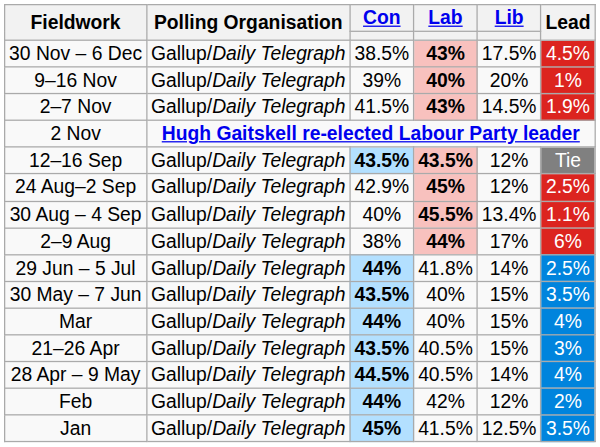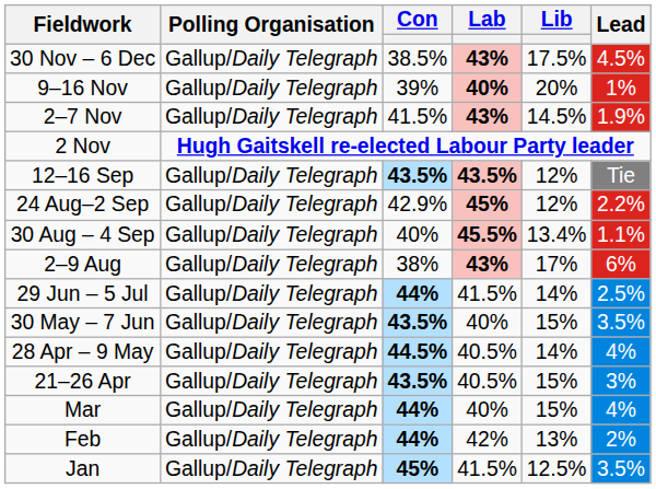 <table class="wikitable" style="text-align: center; line-height: 14px; font-size: 95%;">
 <tr>
 <th rowspan="2">Fieldwork</th>
 <th rowspan="2">Polling Organisation</th>
 <th><a href='#'>Con</a></th>
 <th><a href='#'>Lab</a></th>
 <th><a href='#'>Lib</a></th>
 <th class="unsortable" style="width:20px;" rowspan="2">Lead</th>
 </tr>
 <tr>
 <th style="background:"></th>
 <th style="background:"></th>
 <th style="background:"></th>
 </tr>
 <tr>
 <td>30 Nov – 6 Dec</td>
 <td>Gallup/<em>Daily Telegraph</em></td>
 <td>38.5%</td>
 <td style="background:#F8C1BE"><strong>43%</strong></td>
 <td>17.5%</td>
 <td style="background:#DC241F; color:white;">4.5%</td>
 </tr>
 <tr>
 <td>9–16 Nov</td>
 <td>Gallup/<em>Daily Telegraph</em></td>
 <td>39%</td>
 <td style="background:#F8C1BE"><strong>40%</strong></td>
 <td>20%</td>
 <td style="background:#DC241F; color:white;">1%</td>
 </tr>
 <tr>
 <td>2–7 Nov</td>
 <td>Gallup/<em>Daily Telegraph</em></td>
 <td>41.5%</td>
 <td style="background:#F8C1BE"><strong>43%</strong></td>
 <td>14.5%</td>
 <td style="background:#DC241F; color:white;">1.9%</td>
 </tr>
 <tr>
 <td>2 Nov</td>
 <td colspan="5"><strong><a href='#'>Hugh Gaitskell re-elected Labour Party leader</a></strong></td>
 </tr>
 <tr>
 <td>12–16 Sep</td>
 <td>Gallup/<em>Daily Telegraph</em></td>
 <td style="background:#B3E0FF"><strong>43.5%</strong></td>
 <td style="background:#F8C1BE"><strong>43.5%</strong></td>
 <td>12%</td>
 <td style="background:grey; color:white;">Tie</td>
 </tr>
 <tr>
 <td>24 Aug–2 Sep</td>
 <td>Gallup/<em>Daily Telegraph</em></td>
 <td>42.9%</td>
 <td style="background:#F8C1BE"><strong>45%</strong></td>
 <td>12%</td>
-<td style="background:#DC241F; color:white;">2.5%</td>
+<td style="background:#DC241F; color:white;">2.2%</td>
 </tr>
 <tr>
 <td>30 Aug – 4 Sep</td>
 <td>Gallup/<em>Daily Telegraph</em></td>
 <td>40%</td>
 <td style="background:#F8C1BE"><strong>45.5%</strong></td>
 <td>13.4%</td>
 <td style="background:#DC241F; color:white;">1.1%</td>
 </tr>
 <tr>
 <td>2–9 Aug</td>
 <td>Gallup/<em>Daily Telegraph</em></td>
 <td>38%</td>
-<td style="background:#F8C1BE"><strong>44%</strong></td>
+<td style="background:#F8C1BE"><strong>43%</strong></td>
 <td>17%</td>
 <td style="background:#DC241F; color:white;">6%</td>
 </tr>
 <tr>
 <td>29 Jun – 5 Jul</td>
 <td>Gallup/<em>Daily Telegraph</em></td>
 <td style="background:#B3E0FF"><strong>44%</strong></td>
-<td>41.8%</td>
+<td>41.5%</td>
 <td>14%</td>
 <td style="background:#0084dd; color:white;">2.5%</td>
 </tr>
 <tr>
 <td>30 May – 7 Jun</td>
 <td>Gallup/<em>Daily Telegraph</em></td>
 <td style="background:#B3E0FF"><strong>43.5%</strong></td>
 <td>40%</td>
 <td>15%</td>
 <td style="background:#0084dd; color:white;">3.5%</td>
 </tr>
 <tr>
-<td>Mar</td>
+<td>28 Apr – 9 May</td>
 <td>Gallup/<em>Daily Telegraph</em></td>
-<td style="background:#B3E0FF"><strong>44%</strong></td>
-<td>40%</td>
-<td>15%</td>
+<td style="background:#B3E0FF"><strong>44.5%</strong></td>
+<td>40.5%</td>
+<td>14%</td>
 <td style="background:#0084dd; color:white;">4%</td>
 </tr>
 <tr>
 <td>21–26 Apr</td>
 <td>Gallup/<em>Daily Telegraph</em></td>
 <td style="background:#B3E0FF"><strong>43.5%</strong></td>
 <td>40.5%</td>
 <td>15%</td>
 <td style="background:#0084dd; color:white;">3%</td>
 </tr>
 <tr>
-<td>28 Apr – 9 May</td>
+<td>Mar</td>
 <td>Gallup/<em>Daily Telegraph</em></td>
-<td style="background:#B3E0FF"><strong>44.5%</strong></td>
-<td>40.5%</td>
-<td>14%</td>
+<td style="background:#B3E0FF"><strong>44%</strong></td>
+<td>40%</td>
+<td>15%</td>
 <td style="background:#0084dd; color:white;">4%</td>
 </tr>
 <tr>
 <td>Feb</td>
 <td>Gallup/<em>Daily Telegraph</em></td>
 <td style="background:#B3E0FF"><strong>44%</strong></td>
 <td>42%</td>
-<td>12%</td>
+<td>13%</td>
 <td style="background:#0084dd; color:white;">2%</td>
 </tr>
 <tr>
 <td>Jan</td>
 <td>Gallup/<em>Daily Telegraph</em></td>
 <td style="background:#B3E0FF"><strong>45%</strong></td>
 <td>41.5%</td>
 <td>12.5%</td>
 <td style="background:#0084dd; color:white;">3.5%</td>
 </tr>
 </table>
